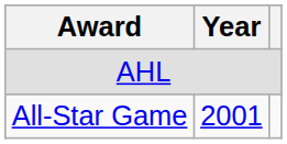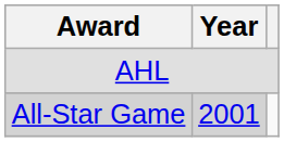 <table class="wikitable">
 <tr>
 <th>Award</th>
 <th>Year</th>
 <th></th>
 </tr>
 <tr ALIGN="center" bgcolor="#e0e0e0">
 <td colspan="3"><a href='#'>AHL</a></td>
 </tr>
 <tr>
-<td><a href='#'>All-Star Game</a></td>
-<td><a href='#'>2001</a></td>
+<td style="background: lightgrey;"><a href='#'>All-Star Game</a></td>
+<td style="background: lightgrey;"><a href='#'>2001</a></td>
 <td></td>
 </tr>
 </table>
